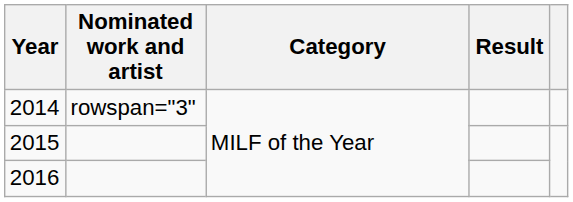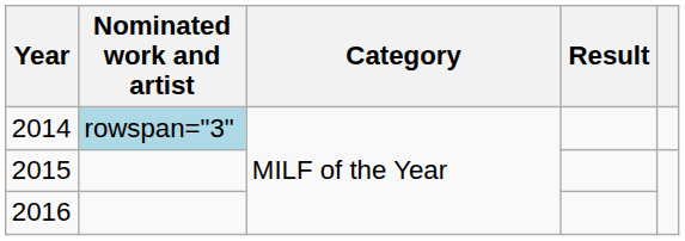 <table class="wikitable" style="width:65%;">
 <tr>
 <th width=4%>Year</th>
 <th style="width:21%;">Nominated work and artist</th>
 <th style="width:45%;">Category</th>
 <th style="width:8%;">Result</th>
 <th width=3%></th>
 </tr>
 <tr>
 <td>2014</td>
-<td>rowspan="3" </td>
+<td style="background: lightblue;">rowspan="3" </td>
 <td rowspan="3">MILF of the Year</td>
 <td></td>
 <td style="text-align:center;"></td>
 </tr>
 <tr>
 <td>2015</td>
 <td></td>
 <td style="text-align:center;"></td>
 </tr>
 <tr>
 <td>2016</td>
 <td></td>
 <td style="text-align:center;"></td>
 </tr>
 </table>
